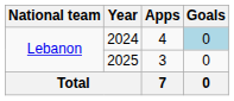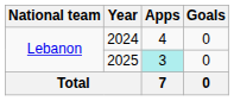 <table class="wikitable" style="text-align:center">
 <tr>
 <th>National team</th>
 <th>Year</th>
 <th>Apps</th>
 <th>Goals</th>
 </tr>
 <tr>
 <td rowspan="2"><a href='#'>Lebanon</a></td>
 <td>2024</td>
 <td>4</td>
-<td style="background: lightblue;">0</td>
+<td>0</td>
 </tr>
 <tr>
 <td>2025</td>
-<td>3</td>
+<td style="background: paleturquoise;">3</td>
 <td>0</td>
 </tr>
 <tr>
 <th colspan="2">Total</th>
 <th>7</th>
 <th>0</th>
 </tr>
 </table>
